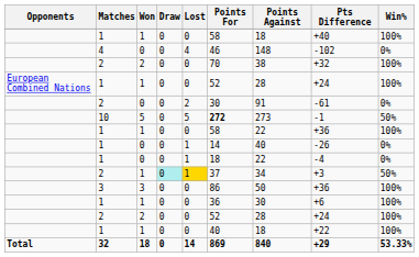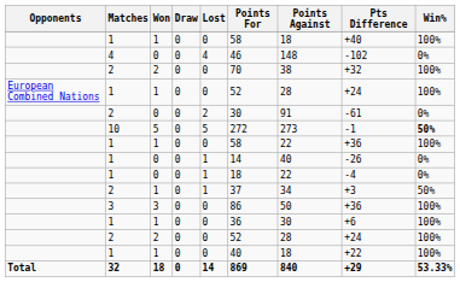 <table class="sortable wikitable">
 <tr>
 <th>Opponents</th>
 <th>Matches</th>
 <th>Won</th>
 <th>Draw</th>
 <th>Lost</th>
 <th>Points For</th>
 <th>Points Against</th>
 <th>Pts Difference</th>
 <th>Win%</th>
 </tr>
 <tr bgcolor="#d0ffd0" align="center">
 </tr>
 <tr>
 <td align="left"></td>
 <td>1</td>
 <td>1</td>
 <td>0</td>
 <td>0</td>
 <td>58</td>
 <td>18</td>
 <td>+40</td>
 <td>100%</td>
 </tr>
 <tr>
 <td align="left"></td>
 <td>4</td>
 <td>0</td>
 <td>0</td>
 <td>4</td>
 <td>46</td>
 <td>148</td>
 <td>-102</td>
 <td>0%</td>
 </tr>
 <tr>
 <td align="left"></td>
 <td>2</td>
 <td>2</td>
 <td>0</td>
 <td>0</td>
 <td>70</td>
 <td>38</td>
 <td>+32</td>
 <td>100%</td>
 </tr>
 <tr>
 <td align="left"> <a href='#'>European Combined Nations</a></td>
 <td>1</td>
 <td>1</td>
 <td>0</td>
 <td>0</td>
 <td>52</td>
 <td>28</td>
 <td>+24</td>
 <td>100%</td>
 </tr>
 <tr>
 <td align="left"></td>
 <td>2</td>
 <td>0</td>
 <td>0</td>
 <td>2</td>
 <td>30</td>
 <td>91</td>
 <td>-61</td>
 <td>0%</td>
 </tr>
 <tr>
 <td align="left"></td>
 <td>10</td>
 <td>5</td>
 <td>0</td>
 <td>5</td>
-<td><strong>272</strong></td>
+<td>272</td>
 <td>273</td>
 <td>-1</td>
-<td>50%</td>
+<td><strong>50%</strong></td>
 </tr>
 <tr>
 <td align="left"></td>
 <td>1</td>
 <td>1</td>
 <td>0</td>
 <td>0</td>
 <td>58</td>
 <td>22</td>
 <td>+36</td>
 <td>100%</td>
 </tr>
 <tr>
 <td align="left"></td>
 <td>1</td>
 <td>0</td>
 <td>0</td>
 <td>1</td>
 <td>14</td>
 <td>40</td>
 <td>-26</td>
 <td>0%</td>
 </tr>
 <tr>
 <td align="left"></td>
 <td>1</td>
 <td>0</td>
 <td>0</td>
 <td>1</td>
 <td>18</td>
 <td>22</td>
 <td>-4</td>
 <td>0%</td>
 </tr>
 <tr>
 <td align="left"></td>
 <td>2</td>
 <td>1</td>
-<td style="background: paleturquoise;">0</td>
-<td style="background: gold;">1</td>
+<td>0</td>
+<td>1</td>
 <td>37</td>
 <td>34</td>
 <td>+3</td>
 <td>50%</td>
 </tr>
 <tr>
 <td align="left"></td>
 <td>3</td>
 <td>3</td>
 <td>0</td>
 <td>0</td>
 <td>86</td>
 <td>50</td>
 <td>+36</td>
 <td>100%</td>
 </tr>
 <tr>
 <td align="left"></td>
 <td>1</td>
 <td>1</td>
 <td>0</td>
 <td>0</td>
 <td>36</td>
 <td>30</td>
 <td>+6</td>
 <td>100%</td>
 </tr>
 <tr>
 <td align="left"></td>
 <td>2</td>
 <td>2</td>
 <td>0</td>
 <td>0</td>
 <td>52</td>
 <td>28</td>
 <td>+24</td>
 <td>100%</td>
 </tr>
 <tr>
 <td align="left"></td>
 <td>1</td>
 <td>1</td>
 <td>0</td>
 <td>0</td>
 <td>40</td>
 <td>18</td>
 <td>+22</td>
 <td>100%</td>
 </tr>
 <tr class="sortbottom">
 <td align="left"><strong>Total</strong></td>
 <td><strong>32</strong></td>
 <td><strong>18</strong></td>
 <td><strong>0</strong></td>
 <td><strong>14</strong></td>
 <td><strong>869</strong></td>
 <td><strong>840</strong></td>
 <td><strong>+29</strong></td>
 <td><strong>53.33%</strong></td>
 </tr>
 </table>
